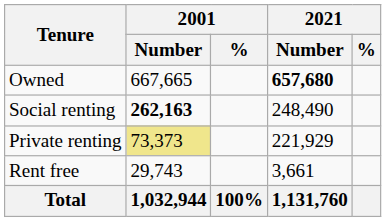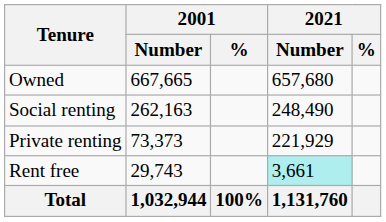 <table class="wikitable">
 <tr>
 <th rowspan="2">Tenure</th>
 <th colspan="2">2001</th>
 <th colspan="2">2021</th>
 </tr>
 <tr>
 <th>Number</th>
 <th>%</th>
 <th>Number</th>
 <th>%</th>
 </tr>
 <tr>
 <td>Owned</td>
 <td>667,665</td>
 <td></td>
-<td><strong>657,680</strong></td>
+<td>657,680</td>
 <td></td>
 </tr>
 <tr>
 <td>Social renting</td>
-<td><strong>262,163</strong></td>
+<td>262,163</td>
 <td></td>
 <td>248,490</td>
 <td></td>
 </tr>
 <tr>
 <td>Private renting</td>
-<td style="background: khaki;">73,373</td>
+<td>73,373</td>
 <td></td>
 <td>221,929</td>
 <td></td>
 </tr>
 <tr>
 <td>Rent free</td>
 <td>29,743</td>
 <td></td>
-<td>3,661</td>
+<td style="background: paleturquoise;">3,661</td>
 <td></td>
 </tr>
 <tr>
 <th>Total</th>
 <th>1,032,944</th>
 <th>100%</th>
 <th>1,131,760</th>
 <th></th>
 </tr>
 </table>
